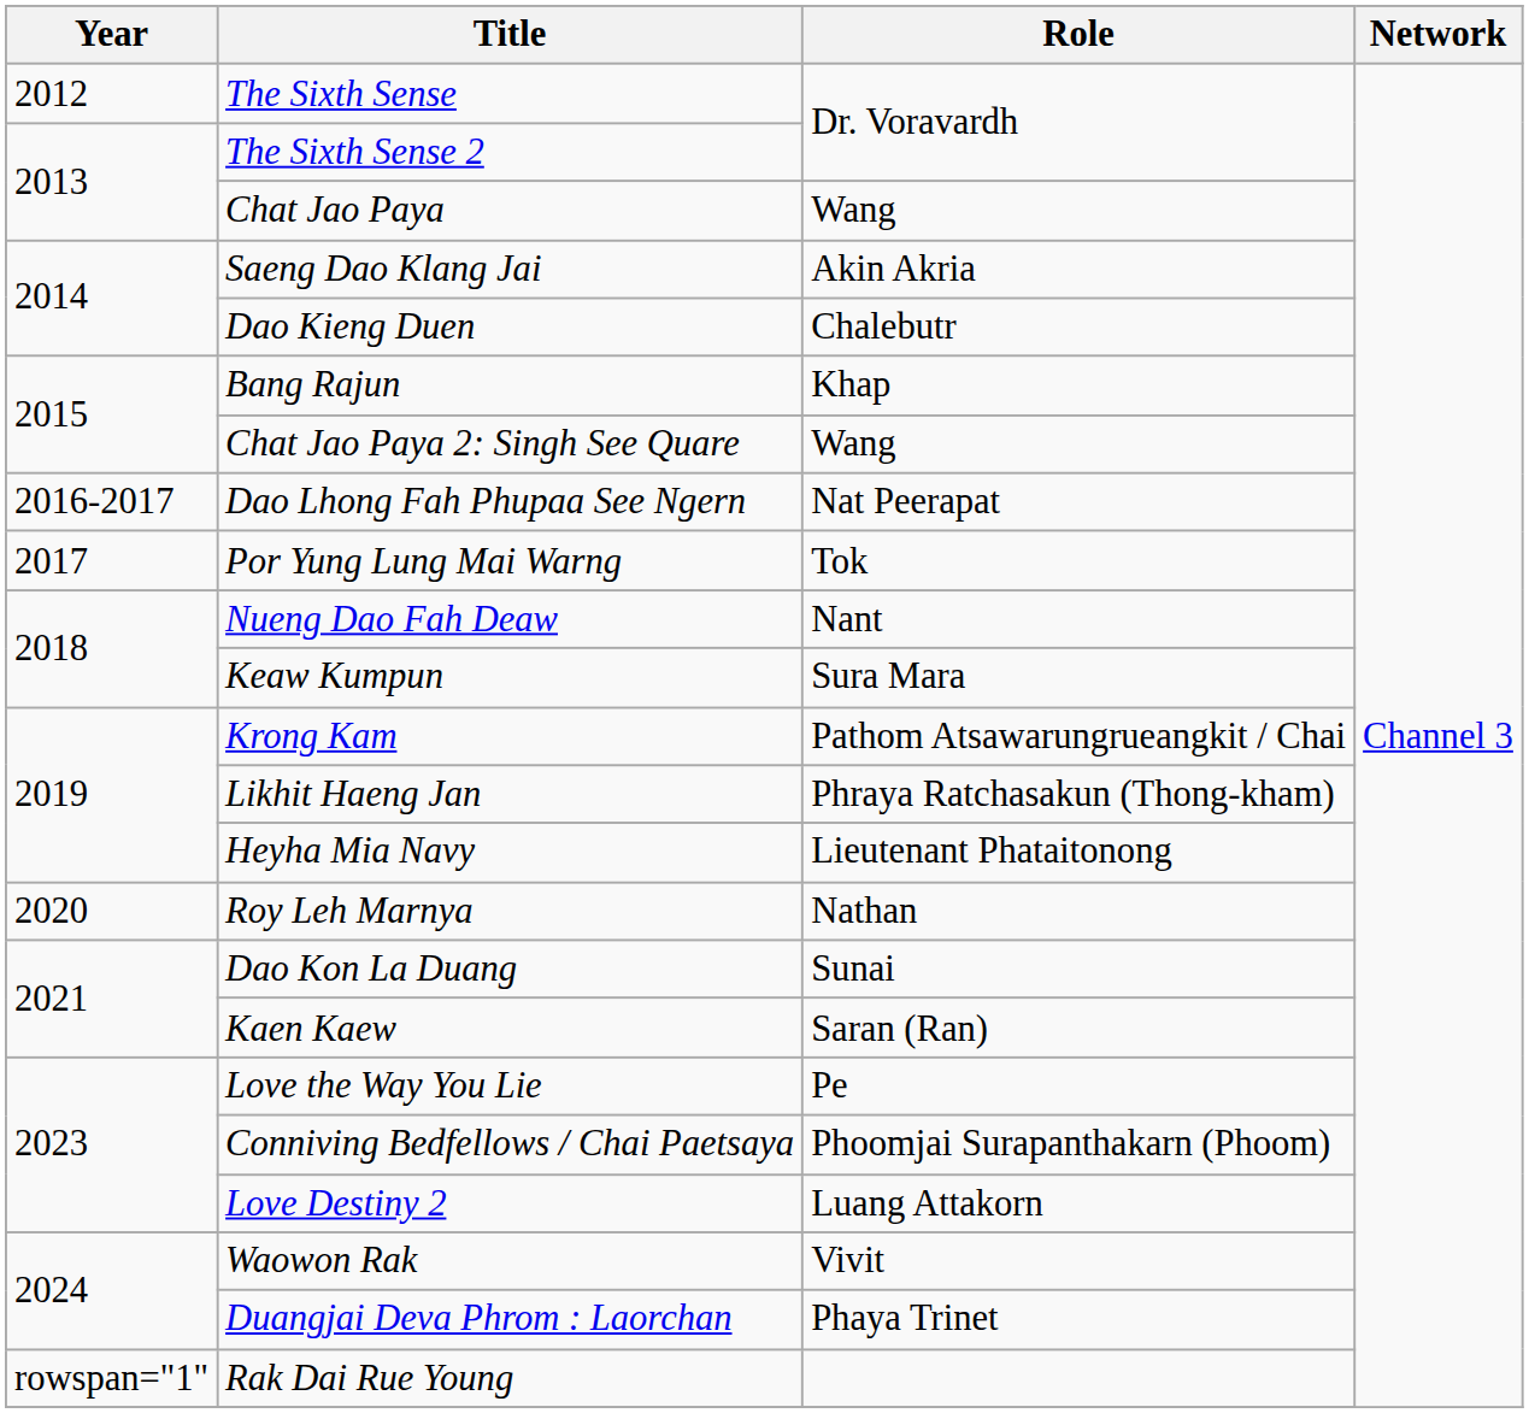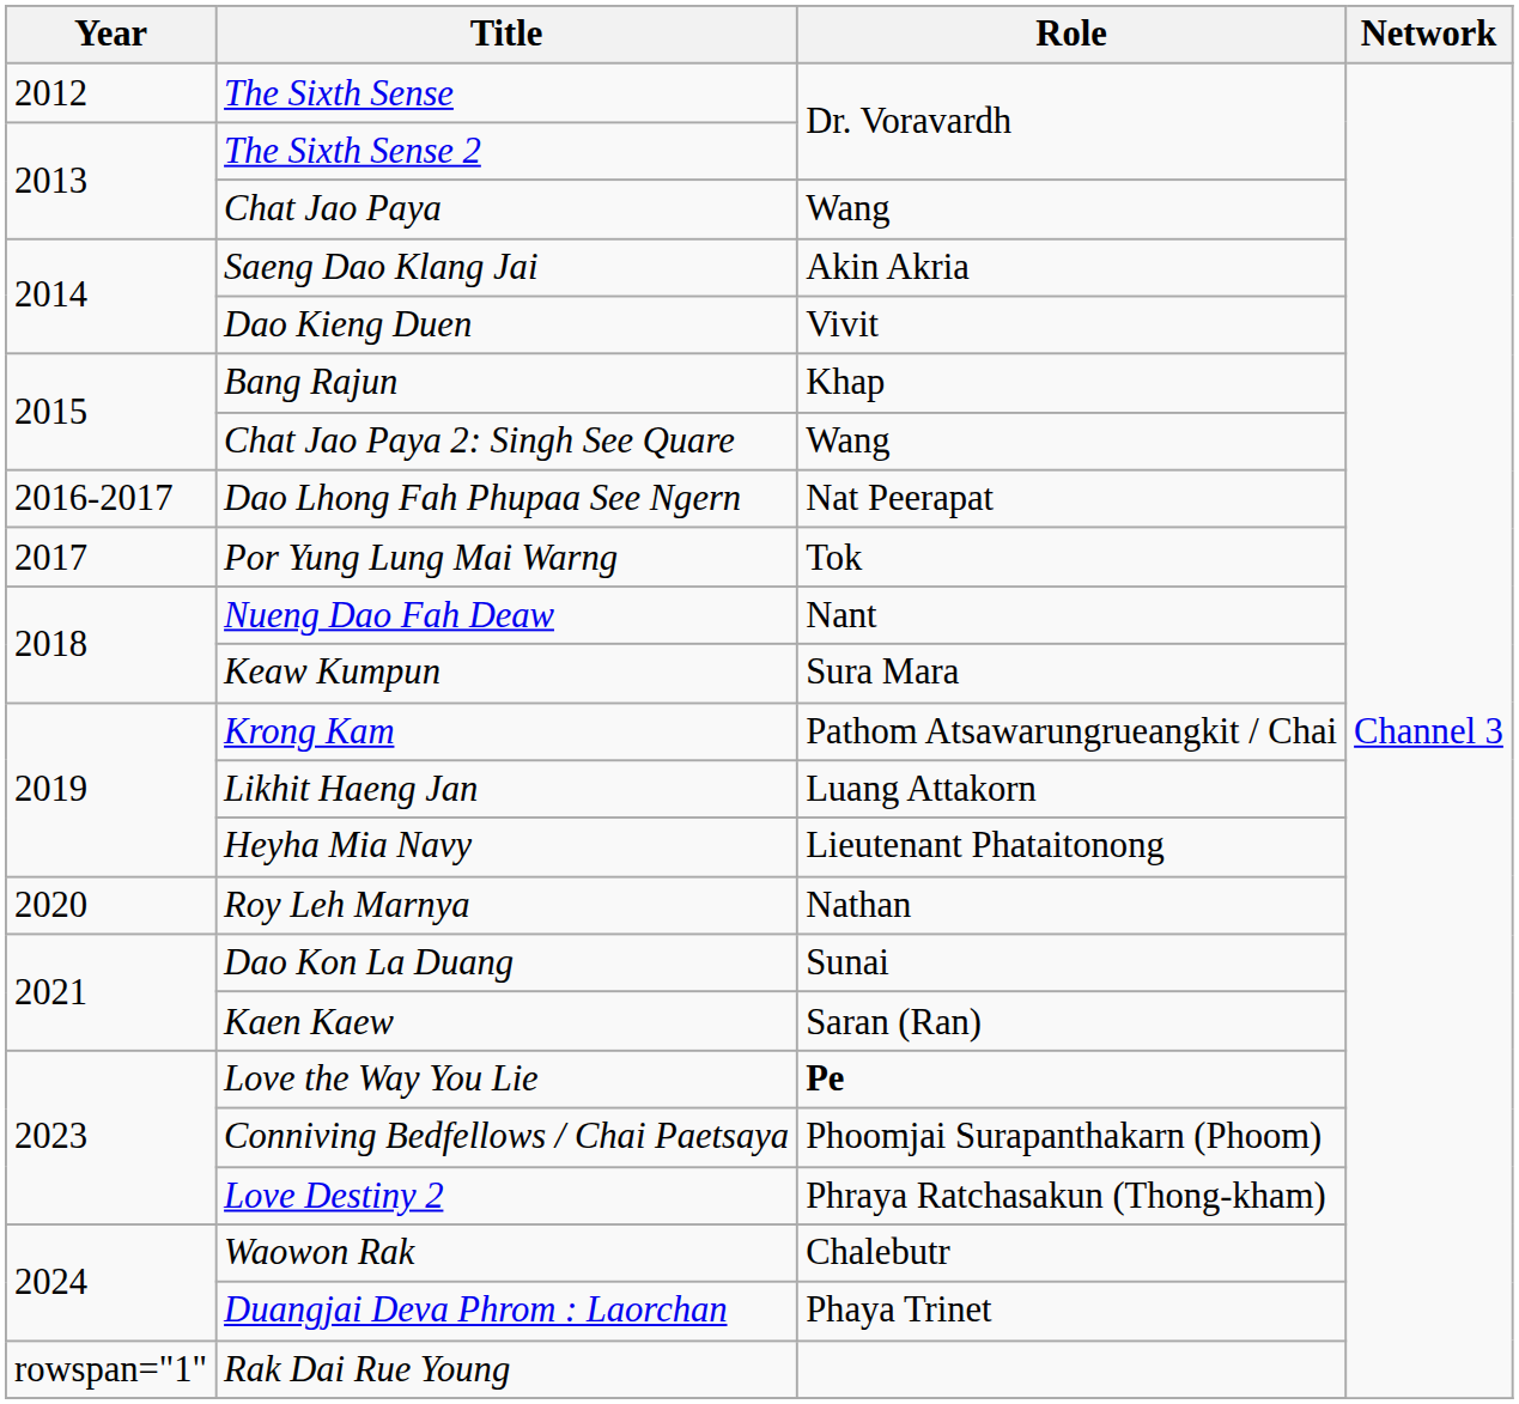 <table class="wikitable">
 <tr>
 <th>Year</th>
 <th>Title</th>
 <th>Role</th>
 <th>Network</th>
 </tr>
 <tr>
 <td>2012</td>
 <td><em> <a href='#'>The Sixth Sense</a> </em></td>
 <td rowspan="2">Dr. Voravardh</td>
 <td rowspan="24"><a href='#'>Channel 3</a></td>
 </tr>
 <tr>
 <td rowspan="2">2013</td>
 <td><em><a href='#'>The Sixth Sense 2</a></em></td>
 </tr>
 <tr>
 <td><em>Chat Jao Paya</em></td>
 <td>Wang</td>
 </tr>
 <tr>
 <td rowspan="2">2014</td>
 <td><em>Saeng Dao Klang Jai</em></td>
 <td>Akin Akria</td>
 </tr>
 <tr>
 <td><em>Dao Kieng Duen</em></td>
-<td>Chalebutr</td>
+<td>Vivit</td>
 </tr>
 <tr>
 <td rowspan="2">2015</td>
 <td><em>Bang Rajun</em></td>
 <td>Khap</td>
 </tr>
 <tr>
 <td><em>Chat Jao Paya 2: Singh See Quare</em></td>
 <td>Wang</td>
 </tr>
 <tr>
 <td>2016-2017</td>
 <td><em>Dao Lhong Fah Phupaa See Ngern</em></td>
 <td>Nat Peerapat</td>
 </tr>
 <tr>
 <td>2017</td>
 <td><em>Por Yung Lung Mai Warng</em></td>
 <td>Tok</td>
 </tr>
 <tr>
 <td rowspan="2">2018</td>
 <td><em><a href='#'>Nueng Dao Fah Deaw</a></em></td>
 <td>Nant</td>
 </tr>
 <tr>
 <td><em>Keaw Kumpun</em></td>
 <td>Sura Mara</td>
 </tr>
 <tr>
 <td rowspan="3">2019</td>
 <td><em><a href='#'>Krong Kam</a></em></td>
 <td>Pathom Atsawarungrueangkit / Chai</td>
 </tr>
 <tr>
 <td><em>Likhit Haeng Jan</em></td>
-<td>Phraya Ratchasakun (Thong-kham)</td>
+<td>Luang Attakorn</td>
 </tr>
 <tr>
 <td><em>Heyha Mia Navy</em></td>
 <td>Lieutenant Phataitonong</td>
 </tr>
 <tr>
 <td>2020</td>
 <td><em>Roy Leh Marnya</em></td>
 <td>Nathan</td>
 </tr>
 <tr>
 <td rowspan="2">2021</td>
 <td><em>Dao Kon La Duang</em></td>
 <td>Sunai</td>
 </tr>
 <tr>
 <td><em>Kaen Kaew</em></td>
 <td>Saran (Ran)</td>
 </tr>
 <tr>
 <td rowspan="3">2023</td>
 <td><em>Love the Way You Lie </em></td>
-<td>Pe</td>
+<td><strong>Pe</strong></td>
 </tr>
 <tr>
 <td><em>Conniving Bedfellows / Chai Paetsaya</em></td>
 <td>Phoomjai Surapanthakarn (Phoom)</td>
 </tr>
 <tr>
 <td><em><a href='#'>Love Destiny 2</a></em></td>
-<td>Luang Attakorn</td>
+<td>Phraya Ratchasakun (Thong-kham)</td>
 </tr>
 <tr>
 <td rowspan="2">2024</td>
 <td><em>Waowon Rak</em></td>
-<td>Vivit</td>
+<td>Chalebutr</td>
 </tr>
 <tr>
 <td><em><a href='#'>Duangjai Deva Phrom : Laorchan</a></em></td>
 <td>Phaya Trinet</td>
 </tr>
 <tr>
 <td>rowspan="1" </td>
 <td><em>Rak Dai Rue Young</em></td>
 <td></td>
 </tr>
 <tr>
 </tr>
 </table>
